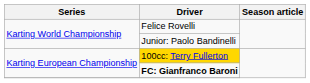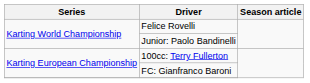 <table class="wikitable" style="font-size: 87%;">
 <tr>
 <th>Series</th>
 <th>Driver</th>
 <th>Season article</th>
 </tr>
 <tr>
 <td rowspan=2><a href='#'>Karting World Championship</a></td>
 <td> Felice Rovelli</td>
 <td rowspan=2></td>
 </tr>
 <tr>
 <td>Junior:  Paolo Bandinelli</td>
 </tr>
 <tr>
 <td rowspan=2><a href='#'>Karting European Championship</a></td>
-<td style="background: gold;">100cc:  <a href='#'>Terry Fullerton</a></td>
+<td>100cc:  <a href='#'>Terry Fullerton</a></td>
 </tr>
 <tr>
-<td><strong>FC:  Gianfranco Baroni</strong></td>
+<td>FC:  Gianfranco Baroni</td>
 </tr>
 <tr>
 </tr>
 </table>
